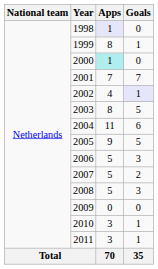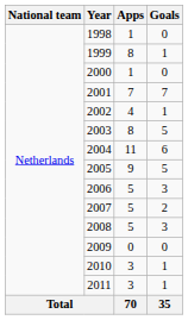 <table class="wikitable" style="text-align:center">
 <tr>
 <th>National team</th>
 <th>Year</th>
 <th>Apps</th>
 <th>Goals</th>
 </tr>
 <tr>
 <td rowspan="14"><a href='#'>Netherlands</a></td>
 <td>1998</td>
-<td style="background: lavender;">1</td>
+<td>1</td>
 <td>0</td>
 </tr>
 <tr>
 <td>1999</td>
 <td>8</td>
 <td>1</td>
 </tr>
 <tr>
 <td>2000</td>
-<td style="background: paleturquoise;">1</td>
+<td>1</td>
 <td>0</td>
 </tr>
 <tr>
 <td>2001</td>
 <td>7</td>
 <td>7</td>
 </tr>
 <tr>
 <td>2002</td>
 <td>4</td>
-<td style="background: lavender;">1</td>
+<td>1</td>
 </tr>
 <tr>
 <td>2003</td>
 <td>8</td>
 <td>5</td>
 </tr>
 <tr>
 <td>2004</td>
 <td>11</td>
 <td>6</td>
 </tr>
 <tr>
 <td>2005</td>
 <td>9</td>
 <td>5</td>
 </tr>
 <tr>
 <td>2006</td>
 <td>5</td>
 <td>3</td>
 </tr>
 <tr>
 <td>2007</td>
 <td>5</td>
 <td>2</td>
 </tr>
 <tr>
 <td>2008</td>
 <td>5</td>
 <td>3</td>
 </tr>
 <tr>
 <td>2009</td>
 <td>0</td>
 <td>0</td>
 </tr>
 <tr>
 <td>2010</td>
 <td>3</td>
 <td>1</td>
 </tr>
 <tr>
 <td>2011</td>
 <td>3</td>
 <td>1</td>
 </tr>
 <tr>
 <th colspan="2">Total</th>
 <th>70</th>
 <th>35</th>
 </tr>
 </table>
